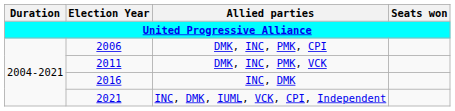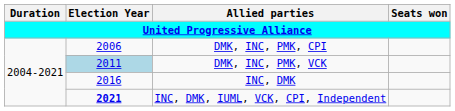 <table class="wikitable">
 <tr>
 <th>Duration</th>
 <th>Election Year</th>
 <th>Allied parties</th>
 <th>Seats won</th>
 </tr>
 <tr style="text-align:center;">
 <th colspan=4 style="text-align:center;vertical-align:middle;background-color:#00FFFF;"><a href='#'>United Progressive Alliance</a></th>
 </tr>
 <tr style="text-align:center;">
 <td rowspan=4>2004-2021</td>
 <td><a href='#'>2006</a></td>
 <td><a href='#'>DMK</a>, <a href='#'>INC</a>, <a href='#'>PMK</a>, <a href='#'>CPI</a></td>
 <td></td>
 </tr>
 <tr style="text-align:center;">
-<td><a href='#'>2011</a></td>
+<td style="background: lightblue;"><a href='#'>2011</a></td>
 <td><a href='#'>DMK</a>, <a href='#'>INC</a>, <a href='#'>PMK</a>, <a href='#'>VCK</a></td>
 <td></td>
 </tr>
 <tr style="text-align:center;">
 <td><a href='#'>2016</a></td>
 <td><a href='#'>INC</a>,  <a href='#'>DMK</a></td>
 <td></td>
 </tr>
 <tr style="text-align:center;">
-<td><a href='#'>2021</a></td>
+<td><strong><a href='#'>2021</a></strong></td>
 <td><a href='#'>INC</a>,  <a href='#'>DMK</a>, <a href='#'>IUML</a>, <a href='#'>VCK</a>, <a href='#'>CPI</a>, <a href='#'>Independent</a></td>
 <td></td>
 </tr>
 </table>
